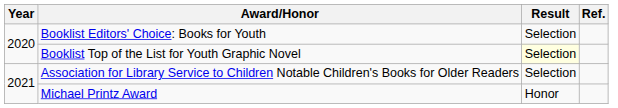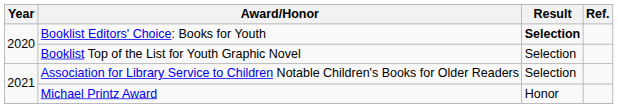 <table class="wikitable sortable">
 <tr>
 <th>Year</th>
 <th>Award/Honor</th>
 <th>Result</th>
 <th>Ref.</th>
 </tr>
 <tr>
 <td rowspan="2">2020</td>
 <td><a href='#'>Booklist Editors' Choice</a>: Books for Youth</td>
-<td>Selection</td>
+<td><strong>Selection</strong></td>
 <td></td>
 </tr>
 <tr>
 <td><a href='#'>Booklist</a> Top of the List for Youth Graphic Novel</td>
-<td style="background: lightyellow;">Selection</td>
+<td>Selection</td>
 <td></td>
 </tr>
 <tr>
 <td rowspan="2">2021</td>
 <td><a href='#'>Association for Library Service to Children</a> Notable Children's Books for Older Readers</td>
 <td>Selection</td>
 <td></td>
 </tr>
 <tr>
 <td><a href='#'>Michael Printz Award</a></td>
 <td>Honor</td>
 <td></td>
 </tr>
 </table>
